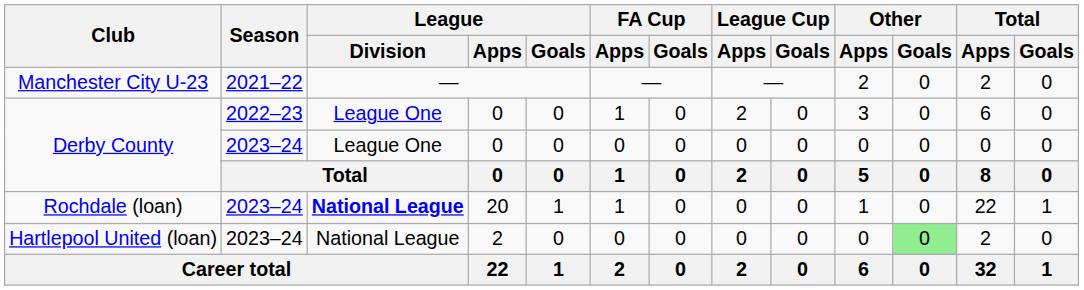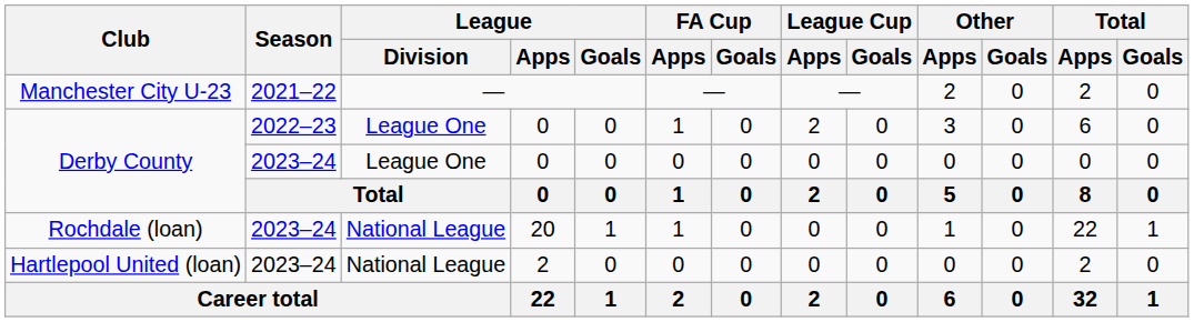 <table class="wikitable" style="text-align: center;">
 <tr>
 <th rowspan="2">Club</th>
 <th rowspan="2">Season</th>
 <th colspan="3">League</th>
 <th colspan="2">FA Cup</th>
 <th colspan="2">League Cup</th>
 <th colspan="2">Other</th>
 <th colspan="2">Total</th>
 </tr>
 <tr>
 <th>Division</th>
 <th>Apps</th>
 <th>Goals</th>
 <th>Apps</th>
 <th>Goals</th>
 <th>Apps</th>
 <th>Goals</th>
 <th>Apps</th>
 <th>Goals</th>
 <th>Apps</th>
 <th>Goals</th>
 </tr>
 <tr>
 <td><a href='#'>Manchester City U-23</a></td>
 <td><a href='#'>2021–22</a></td>
 <td colspan="3">—</td>
 <td colspan="2">—</td>
 <td colspan="2">—</td>
 <td>2</td>
 <td>0</td>
 <td>2</td>
 <td>0</td>
 </tr>
 <tr>
 <td rowspan=3><a href='#'>Derby County</a></td>
 <td><a href='#'>2022–23</a></td>
 <td><a href='#'>League One</a></td>
 <td>0</td>
 <td>0</td>
 <td>1</td>
 <td>0</td>
 <td>2</td>
 <td>0</td>
 <td>3</td>
 <td>0</td>
 <td>6</td>
 <td>0</td>
 </tr>
 <tr>
 <td><a href='#'>2023–24</a></td>
 <td>League One</td>
 <td>0</td>
 <td>0</td>
 <td>0</td>
 <td>0</td>
 <td>0</td>
 <td>0</td>
 <td>0</td>
 <td>0</td>
 <td>0</td>
 <td>0</td>
 </tr>
 <tr>
 <th colspan=2>Total</th>
 <th>0</th>
 <th>0</th>
 <th>1</th>
 <th>0</th>
 <th>2</th>
 <th>0</th>
 <th>5</th>
 <th>0</th>
 <th>8</th>
 <th>0</th>
 </tr>
 <tr>
 <td><a href='#'>Rochdale</a> (loan)</td>
 <td><a href='#'>2023–24</a></td>
-<td><strong><a href='#'>National League</a></strong></td>
+<td><a href='#'>National League</a></td>
 <td>20</td>
 <td>1</td>
 <td>1</td>
 <td>0</td>
 <td>0</td>
 <td>0</td>
 <td>1</td>
 <td>0</td>
 <td>22</td>
 <td>1</td>
 </tr>
 <tr>
 <td><a href='#'>Hartlepool United</a> (loan)</td>
 <td>2023–24</td>
 <td>National League</td>
 <td>2</td>
 <td>0</td>
 <td>0</td>
 <td>0</td>
 <td>0</td>
 <td>0</td>
 <td>0</td>
-<td style="background: lightgreen;">0</td>
+<td>0</td>
 <td>2</td>
 <td>0</td>
 </tr>
 <tr>
 <th colspan=3>Career total</th>
 <th>22</th>
 <th>1</th>
 <th>2</th>
 <th>0</th>
 <th>2</th>
 <th>0</th>
 <th>6</th>
 <th>0</th>
 <th>32</th>
 <th>1</th>
 </tr>
 </table>
